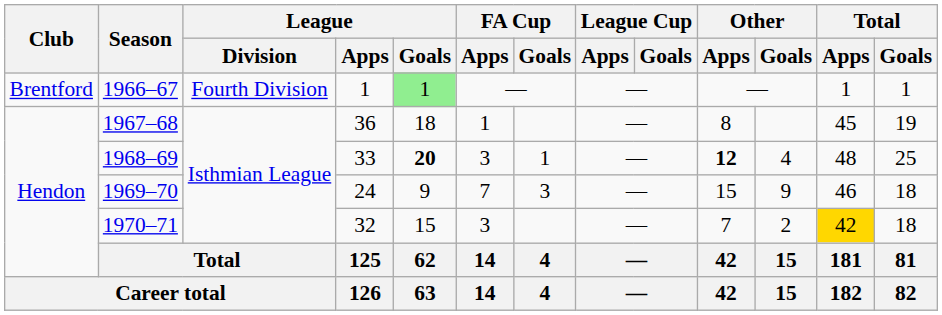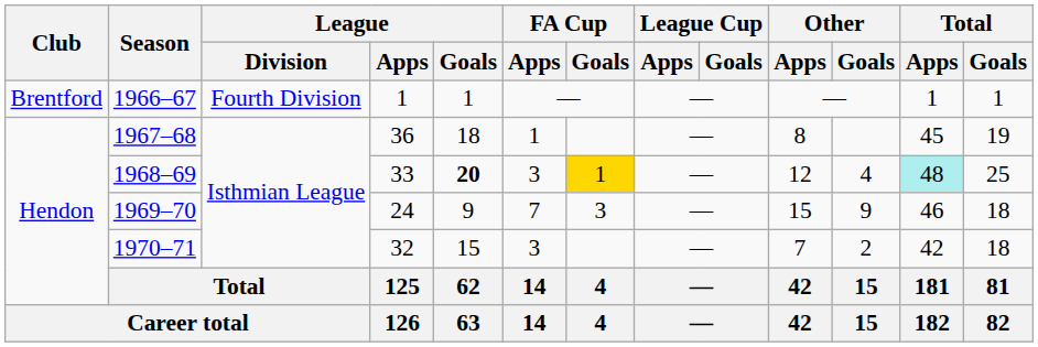 <table class="wikitable" style="text-align: center;">
 <tr>
 <th rowspan="2">Club</th>
 <th rowspan="2">Season</th>
 <th colspan="3">League</th>
 <th colspan="2">FA Cup</th>
 <th colspan="2">League Cup</th>
 <th colspan="2">Other</th>
 <th colspan="2">Total</th>
 </tr>
 <tr>
 <th>Division</th>
 <th>Apps</th>
 <th>Goals</th>
 <th>Apps</th>
 <th>Goals</th>
 <th>Apps</th>
 <th>Goals</th>
 <th>Apps</th>
 <th>Goals</th>
 <th>Apps</th>
 <th>Goals</th>
 </tr>
 <tr>
 <td><a href='#'>Brentford</a></td>
 <td><a href='#'>1966–67</a></td>
 <td><a href='#'>Fourth Division</a></td>
 <td>1</td>
-<td style="background: lightgreen;">1</td>
+<td>1</td>
 <td colspan="2">—</td>
 <td colspan="2">—</td>
 <td colspan="2">—</td>
 <td>1</td>
 <td>1</td>
 </tr>
 <tr>
 <td rowspan="5"><a href='#'>Hendon</a></td>
 <td><a href='#'>1967–68</a></td>
 <td rowspan="4"><a href='#'>Isthmian League</a></td>
 <td>36</td>
 <td>18</td>
 <td>1</td>
 <td></td>
 <td colspan="2">—</td>
 <td>8</td>
 <td></td>
 <td>45</td>
 <td>19</td>
 </tr>
 <tr>
 <td><a href='#'>1968–69</a></td>
 <td>33</td>
 <td><strong>20</strong></td>
 <td>3</td>
-<td>1</td>
+<td style="background: gold;">1</td>
 <td colspan="2">—</td>
-<td><strong>12</strong></td>
+<td>12</td>
 <td>4</td>
-<td>48</td>
+<td style="background: paleturquoise;">48</td>
 <td>25</td>
 </tr>
 <tr>
 <td><a href='#'>1969–70</a></td>
 <td>24</td>
 <td>9</td>
 <td>7</td>
 <td>3</td>
 <td colspan="2">—</td>
 <td>15</td>
 <td>9</td>
 <td>46</td>
 <td>18</td>
 </tr>
 <tr>
 <td><a href='#'>1970–71</a></td>
 <td>32</td>
 <td>15</td>
 <td>3</td>
 <td></td>
 <td colspan="2">—</td>
 <td>7</td>
 <td>2</td>
-<td style="background: gold;">42</td>
+<td>42</td>
 <td>18</td>
 </tr>
 <tr>
 <th colspan="2">Total</th>
 <th>125</th>
 <th>62</th>
 <th>14</th>
 <th>4</th>
 <th colspan="2">—</th>
 <th>42</th>
 <th>15</th>
 <th>181</th>
 <th>81</th>
 </tr>
 <tr>
 <th colspan="3">Career total</th>
 <th>126</th>
 <th>63</th>
 <th>14</th>
 <th>4</th>
 <th colspan="2">—</th>
 <th>42</th>
 <th>15</th>
 <th>182</th>
 <th>82</th>
 </tr>
 </table>
